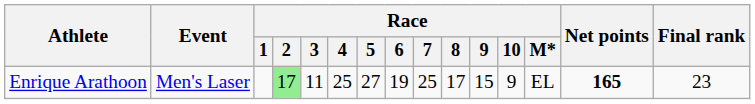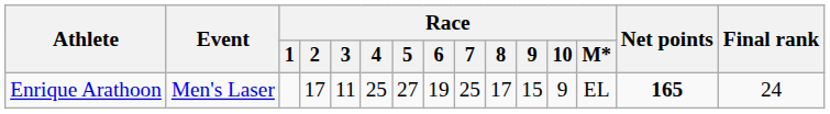 <table class="wikitable" style="font-size:90%">
 <tr>
 <th rowspan="2">Athlete</th>
 <th rowspan="2">Event</th>
 <th colspan=11>Race</th>
 <th rowspan=2>Net points</th>
 <th rowspan=2>Final rank</th>
 </tr>
 <tr style="font-size:95%">
 <th>1</th>
 <th>2</th>
 <th>3</th>
 <th>4</th>
 <th>5</th>
 <th>6</th>
 <th>7</th>
 <th>8</th>
 <th>9</th>
 <th>10</th>
 <th>M*</th>
 </tr>
 <tr align=center>
 <td align=left><a href='#'>Enrique Arathoon</a></td>
 <td align=left><a href='#'>Men's Laser</a></td>
 <td></td>
-<td style="background: lightgreen;">17</td>
+<td>17</td>
 <td>11</td>
 <td>25</td>
 <td>27</td>
 <td>19</td>
 <td>25</td>
 <td>17</td>
 <td>15</td>
 <td>9</td>
 <td>EL</td>
 <td><strong>165</strong></td>
-<td>23</td>
+<td>24</td>
 </tr>
 </table>
